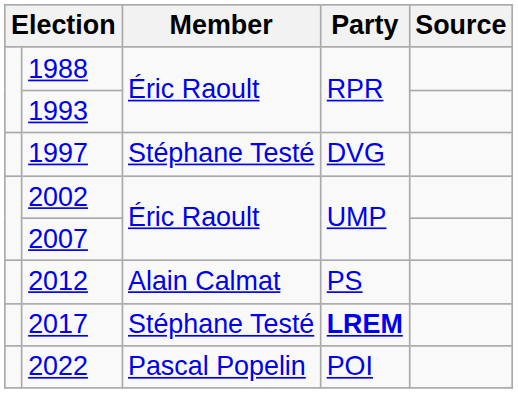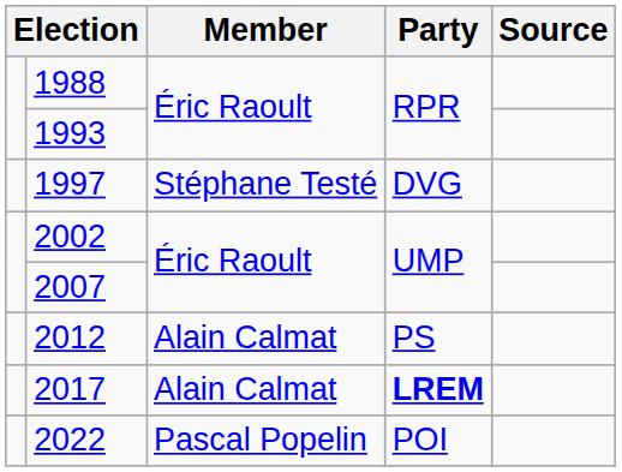 <table class="wikitable">
 <tr>
 <th colspan="2">Election</th>
 <th>Member</th>
 <th>Party</th>
 <th>Source</th>
 </tr>
 <tr>
 <td rowspan=2 style="color:inherit;background-color: "></td>
 <td><a href='#'>1988</a></td>
 <td rowspan=2><a href='#'>Éric Raoult</a></td>
 <td rowspan=2><a href='#'>RPR</a></td>
 <td></td>
 </tr>
 <tr>
 <td><a href='#'>1993</a></td>
 <td></td>
 </tr>
 <tr>
 <td style="color:inherit;background-color: "></td>
 <td><a href='#'>1997</a></td>
 <td><a href='#'>Stéphane Testé</a></td>
 <td><a href='#'>DVG</a></td>
 <td></td>
 </tr>
 <tr>
 <td rowspan=2 style="color:inherit;background-color: "></td>
 <td><a href='#'>2002</a></td>
 <td rowspan=2><a href='#'>Éric Raoult</a></td>
 <td rowspan=2><a href='#'>UMP</a></td>
 <td></td>
 </tr>
 <tr>
 <td><a href='#'>2007</a></td>
 <td></td>
 </tr>
 <tr>
 <td style="color:inherit;background-color: "></td>
 <td><a href='#'>2012</a></td>
 <td><a href='#'>Alain Calmat</a></td>
 <td><a href='#'>PS</a></td>
 <td></td>
 </tr>
 <tr>
 <td style="color:inherit;background-color: "></td>
 <td><a href='#'>2017</a></td>
-<td><a href='#'>Stéphane Testé</a></td>
+<td><a href='#'>Alain Calmat</a></td>
 <td><strong><a href='#'>LREM</a></strong></td>
 <td></td>
 </tr>
 <tr>
 <td style="color:inherit;background-color: "></td>
 <td><a href='#'>2022</a></td>
 <td><a href='#'>Pascal Popelin</a></td>
 <td><a href='#'>POI</a></td>
 <td></td>
 </tr>
 </table>
